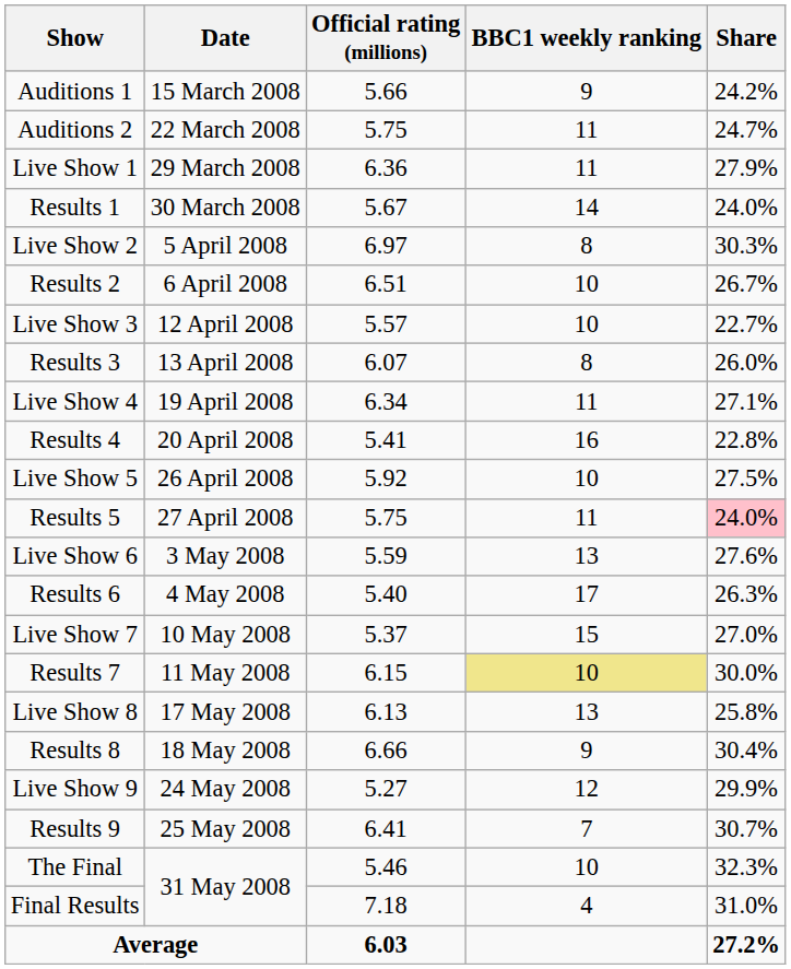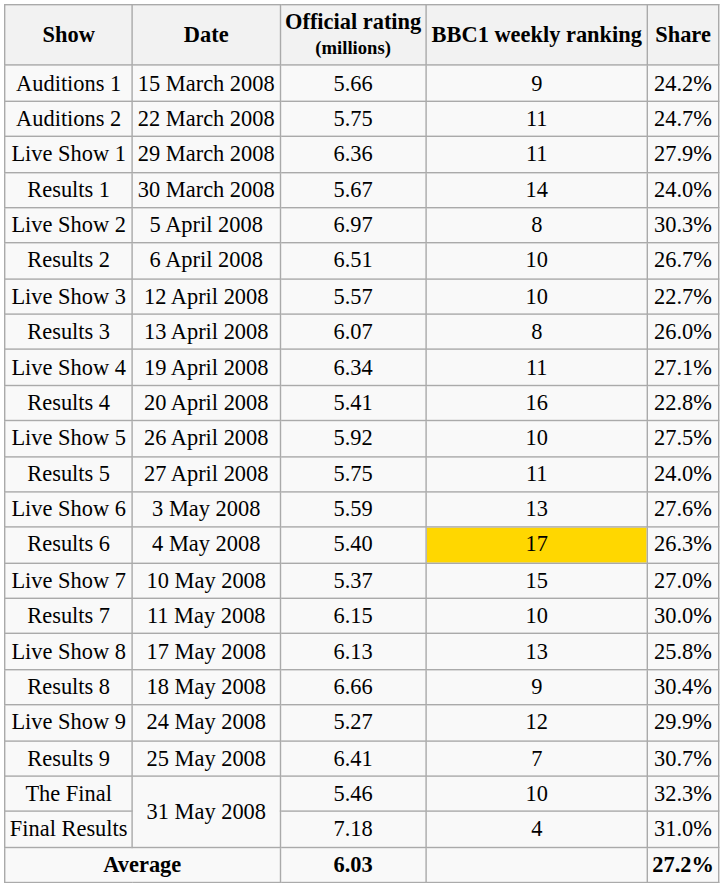 <table class="wikitable" style="text-align:center">
 <tr>
 <th>Show</th>
 <th>Date</th>
 <th>Official rating<br><small>(millions)</small></th>
 <th>BBC1 weekly ranking</th>
 <th>Share</th>
 </tr>
 <tr>
 <td>Auditions 1</td>
 <td>15 March 2008</td>
 <td>5.66</td>
 <td>9</td>
 <td>24.2%</td>
 </tr>
 <tr>
 <td>Auditions 2</td>
 <td>22 March 2008</td>
 <td>5.75</td>
 <td>11</td>
 <td>24.7%</td>
 </tr>
 <tr>
 <td>Live Show 1</td>
 <td>29 March 2008</td>
 <td>6.36</td>
 <td>11</td>
 <td>27.9%</td>
 </tr>
 <tr>
 <td>Results 1</td>
 <td>30 March 2008</td>
 <td>5.67</td>
 <td>14</td>
 <td>24.0%</td>
 </tr>
 <tr>
 <td>Live Show 2</td>
 <td>5 April 2008</td>
 <td>6.97</td>
 <td>8</td>
 <td>30.3%</td>
 </tr>
 <tr>
 <td>Results 2</td>
 <td>6 April 2008</td>
 <td>6.51</td>
 <td>10</td>
 <td>26.7%</td>
 </tr>
 <tr>
 <td>Live Show 3</td>
 <td>12 April 2008</td>
 <td>5.57</td>
 <td>10</td>
 <td>22.7%</td>
 </tr>
 <tr>
 <td>Results 3</td>
 <td>13 April 2008</td>
 <td>6.07</td>
 <td>8</td>
 <td>26.0%</td>
 </tr>
 <tr>
 <td>Live Show 4</td>
 <td>19 April 2008</td>
 <td>6.34</td>
 <td>11</td>
 <td>27.1%</td>
 </tr>
 <tr>
 <td>Results 4</td>
 <td>20 April 2008</td>
 <td>5.41</td>
 <td>16</td>
 <td>22.8%</td>
 </tr>
 <tr>
 <td>Live Show 5</td>
 <td>26 April 2008</td>
 <td>5.92</td>
 <td>10</td>
 <td>27.5%</td>
 </tr>
 <tr>
 <td>Results 5</td>
 <td>27 April 2008</td>
 <td>5.75</td>
 <td>11</td>
-<td style="background: pink;">24.0%</td>
+<td>24.0%</td>
 </tr>
 <tr>
 <td>Live Show 6</td>
 <td>3 May 2008</td>
 <td>5.59</td>
 <td>13</td>
 <td>27.6%</td>
 </tr>
 <tr>
 <td>Results 6</td>
 <td>4 May 2008</td>
 <td>5.40</td>
-<td>17</td>
+<td style="background: gold;">17</td>
 <td>26.3%</td>
 </tr>
 <tr>
 <td>Live Show 7</td>
 <td>10 May 2008</td>
 <td>5.37</td>
 <td>15</td>
 <td>27.0%</td>
 </tr>
 <tr>
 <td>Results 7</td>
 <td>11 May 2008</td>
 <td>6.15</td>
-<td style="background: khaki;">10</td>
+<td>10</td>
 <td>30.0%</td>
 </tr>
 <tr>
 <td>Live Show 8</td>
 <td>17 May 2008</td>
 <td>6.13</td>
 <td>13</td>
 <td>25.8%</td>
 </tr>
 <tr>
 <td>Results 8</td>
 <td>18 May 2008</td>
 <td>6.66</td>
 <td>9</td>
 <td>30.4%</td>
 </tr>
 <tr>
 <td>Live Show 9</td>
 <td>24 May 2008</td>
 <td>5.27</td>
 <td>12</td>
 <td>29.9%</td>
 </tr>
 <tr>
 <td>Results 9</td>
 <td>25 May 2008</td>
 <td>6.41</td>
 <td>7</td>
 <td>30.7%</td>
 </tr>
 <tr>
 <td>The Final</td>
 <td rowspan="2">31 May 2008</td>
 <td>5.46</td>
 <td>10</td>
 <td>32.3%</td>
 </tr>
 <tr>
 <td>Final Results</td>
 <td>7.18</td>
 <td>4</td>
 <td>31.0%</td>
 </tr>
 <tr>
 <td colspan="2"><strong>Average</strong></td>
 <td><strong>6.03</strong></td>
 <td></td>
 <td><strong>27.2%</strong></td>
 </tr>
 </table>
